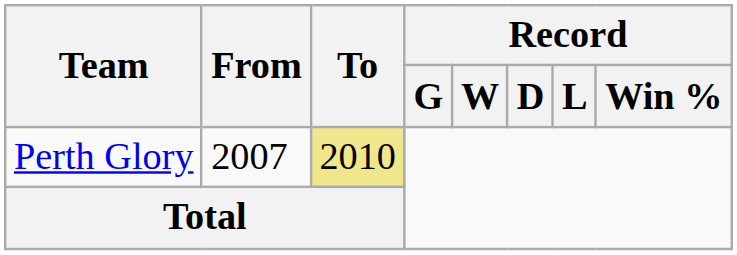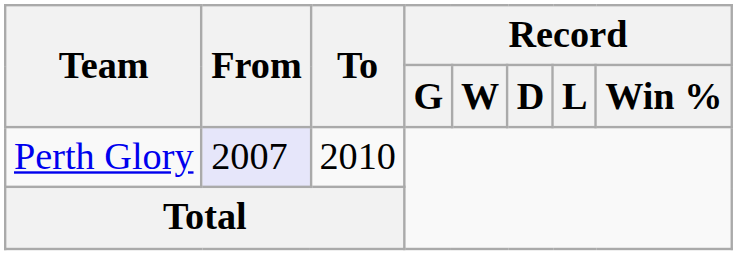 <table class="wikitable" style="text-align: center">
 <tr>
 <th rowspan=2>Team</th>
 <th rowspan=2>From</th>
 <th rowspan=2>To</th>
 <th colspan=5>Record</th>
 </tr>
 <tr>
 <th>G</th>
 <th>W</th>
 <th>D</th>
 <th>L</th>
 <th>Win %</th>
 </tr>
 <tr>
 <td align=left><a href='#'>Perth Glory</a></td>
-<td align=left>2007</td>
-<td align=left style="background: khaki;">2010<br></td>
+<td align=left style="background: lavender;">2007</td>
+<td align=left>2010<br></td>
 </tr>
 <tr>
 <th colspan=3>Total<br></th>
 </tr>
 </table>
